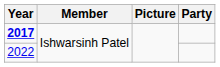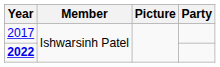 <table class="wikitable sortable">
 <tr>
 <th>Year</th>
 <th>Member</th>
 <th>Picture</th>
 <th colspan="2">Party</th>
 </tr>
 <tr>
-<td><strong><a href='#'>2017</a></strong></td>
+<td><a href='#'>2017</a></td>
 <td rowspan="2">Ishwarsinh Patel</td>
 <td rowspan="2"></td>
 <td></td>
 </tr>
 <tr>
-<td><a href='#'>2022</a></td>
+<td><strong><a href='#'>2022</a></strong></td>
 </tr>
 </table>
